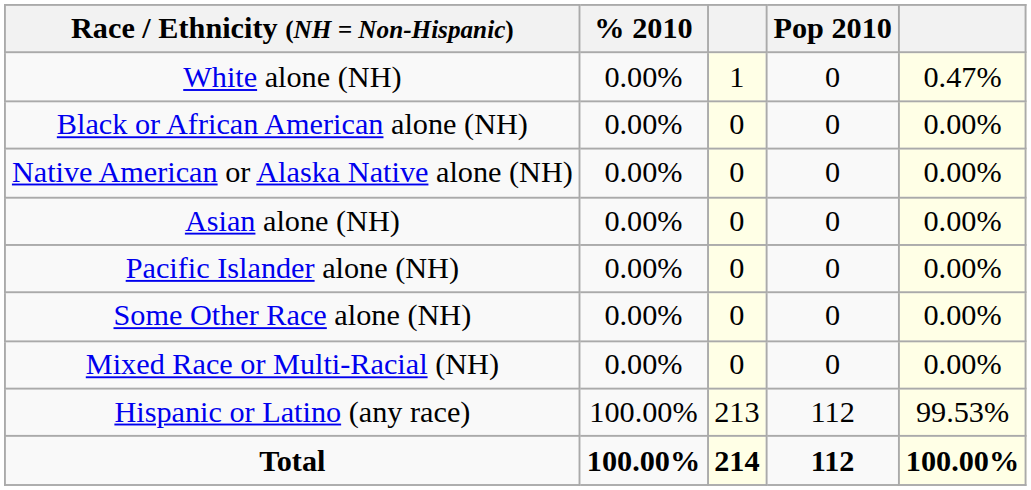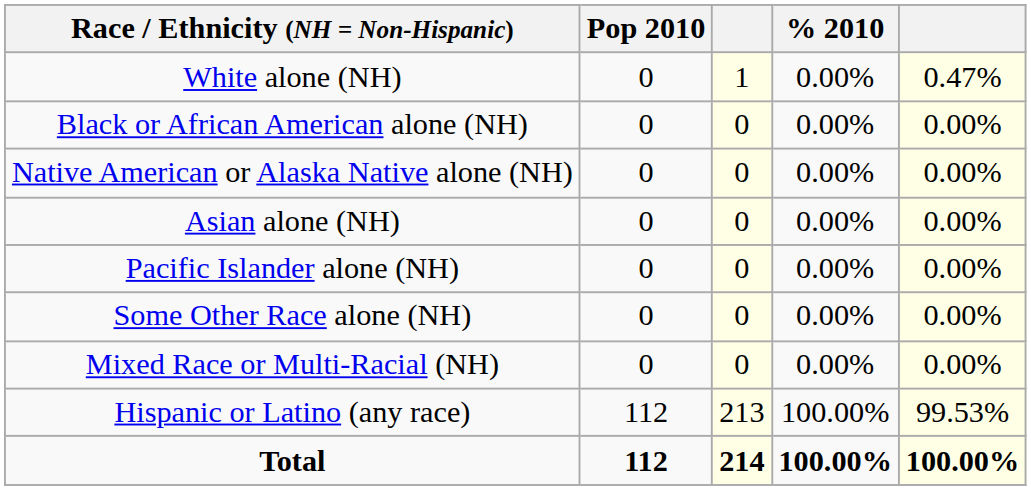 <table class="wikitable" style="text-align:center;">
 <tr>
 <th>Race / Ethnicity <small>(<em>NH = Non-Hispanic</em>)</small></th>
+<th>Pop 2010</th>
+<th></th>
 <th>% 2010</th>
-<th></th>
-<th>Pop 2010</th>
 <th></th>
 </tr>
 <tr>
 <td><a href='#'>White</a> alone (NH)</td>
+<td>0</td>
+<td style='background: #ffffe6;'>1</td>
 <td>0.00%</td>
-<td style='background: #ffffe6;'>1</td>
-<td>0</td>
 <td style='background: #ffffe6;'>0.47%</td>
 </tr>
 <tr>
 <td><a href='#'>Black or African American</a> alone (NH)</td>
+<td>0</td>
+<td style='background: #ffffe6;'>0</td>
 <td>0.00%</td>
-<td style='background: #ffffe6;'>0</td>
-<td>0</td>
 <td style='background: #ffffe6;'>0.00%</td>
 </tr>
 <tr>
 <td><a href='#'>Native American</a> or <a href='#'>Alaska Native</a> alone (NH)</td>
+<td>0</td>
+<td style='background: #ffffe6;'>0</td>
 <td>0.00%</td>
-<td style='background: #ffffe6;'>0</td>
-<td>0</td>
 <td style='background: #ffffe6;'>0.00%</td>
 </tr>
 <tr>
 <td><a href='#'>Asian</a> alone (NH)</td>
+<td>0</td>
+<td style='background: #ffffe6;'>0</td>
 <td>0.00%</td>
-<td style='background: #ffffe6;'>0</td>
-<td>0</td>
 <td style='background: #ffffe6;'>0.00%</td>
 </tr>
 <tr>
 <td><a href='#'>Pacific Islander</a> alone (NH)</td>
+<td>0</td>
+<td style='background: #ffffe6;'>0</td>
 <td>0.00%</td>
-<td style='background: #ffffe6;'>0</td>
-<td>0</td>
 <td style='background: #ffffe6;'>0.00%</td>
 </tr>
 <tr>
 <td><a href='#'>Some Other Race</a> alone (NH)</td>
+<td>0</td>
+<td style='background: #ffffe6;'>0</td>
 <td>0.00%</td>
-<td style='background: #ffffe6;'>0</td>
-<td>0</td>
 <td style='background: #ffffe6;'>0.00%</td>
 </tr>
 <tr>
 <td><a href='#'>Mixed Race or Multi-Racial</a> (NH)</td>
+<td>0</td>
+<td style='background: #ffffe6;'>0</td>
 <td>0.00%</td>
-<td style='background: #ffffe6;'>0</td>
-<td>0</td>
 <td style='background: #ffffe6;'>0.00%</td>
 </tr>
 <tr>
 <td><a href='#'>Hispanic or Latino</a> (any race)</td>
+<td>112</td>
+<td style='background: #ffffe6;'>213</td>
 <td>100.00%</td>
-<td style='background: #ffffe6;'>213</td>
-<td>112</td>
 <td style='background: #ffffe6;'>99.53%</td>
 </tr>
 <tr>
 <td><strong>Total</strong></td>
+<td><strong>112</strong></td>
+<td style='background: #ffffe6;'><strong>214</strong></td>
 <td><strong>100.00%</strong></td>
-<td style='background: #ffffe6;'><strong>214</strong></td>
-<td><strong>112</strong></td>
 <td style='background: #ffffe6;'><strong>100.00%</strong></td>
 </tr>
 </table>
